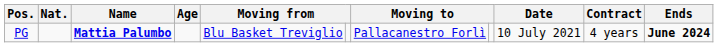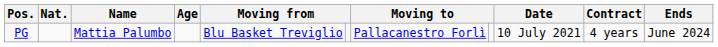 <table class="wikitable sortable">
 <tr>
 <th>Pos.</th>
 <th>Nat.</th>
 <th>Name</th>
 <th>Age</th>
 <th colspan=2>Moving from</th>
 <th colspan=2>Moving to</th>
 <th>Date</th>
 <th>Contract</th>
 <th>Ends</th>
 </tr>
 <tr>
 <td style="text-align: center;"><a href='#'>PG</a></td>
 <td style="text-align: center;"></td>
-<td><strong><a href='#'>Mattia Palumbo</a></strong></td>
+<td><a href='#'>Mattia Palumbo</a></td>
 <td style="text-align: center;"></td>
 <td><a href='#'>Blu Basket Treviglio</a></td>
 <td style="text-align: center;"></td>
 <td><a href='#'>Pallacanestro Forlì</a></td>
 <td style="text-align: center;"></td>
 <td style="text-align: center;">10 July 2021</td>
 <td style="text-align: center;">4 years</td>
-<td style="text-align: center;"><strong>June 2024</strong></td>
+<td style="text-align: center;">June 2024</td>
 </tr>
 </table>
